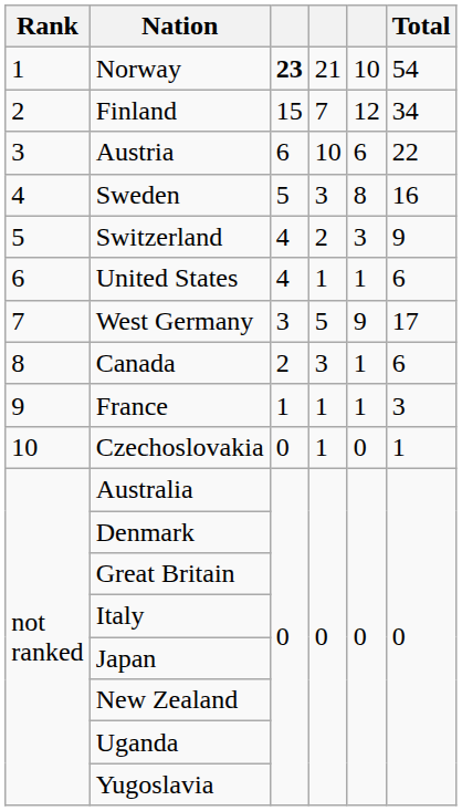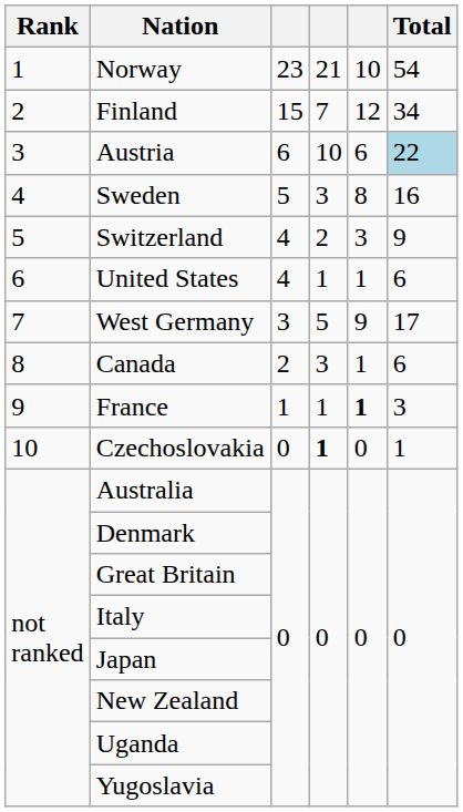 <table class="wikitable">
 <tr>
 <th>Rank</th>
 <th>Nation</th>
 <th></th>
 <th></th>
 <th></th>
 <th>Total</th>
 </tr>
 <tr>
 <td>1</td>
 <td>Norway</td>
-<td><strong>23</strong></td>
+<td>23</td>
 <td>21</td>
 <td>10</td>
 <td>54</td>
 </tr>
 <tr>
 <td>2</td>
 <td>Finland</td>
 <td>15</td>
 <td>7</td>
 <td>12</td>
 <td>34</td>
 </tr>
 <tr>
 <td>3</td>
 <td>Austria</td>
 <td>6</td>
 <td>10</td>
 <td>6</td>
-<td>22</td>
+<td style="background: lightblue;">22</td>
 </tr>
 <tr>
 <td>4</td>
 <td>Sweden</td>
 <td>5</td>
 <td>3</td>
 <td>8</td>
 <td>16</td>
 </tr>
 <tr>
 <td>5</td>
 <td>Switzerland</td>
 <td>4</td>
 <td>2</td>
 <td>3</td>
 <td>9</td>
 </tr>
 <tr>
 <td>6</td>
 <td>United States</td>
 <td>4</td>
 <td>1</td>
 <td>1</td>
 <td>6</td>
 </tr>
 <tr>
 <td>7</td>
 <td>West Germany</td>
 <td>3</td>
 <td>5</td>
 <td>9</td>
 <td>17</td>
 </tr>
 <tr>
 <td>8</td>
 <td>Canada</td>
 <td>2</td>
 <td>3</td>
 <td>1</td>
 <td>6</td>
 </tr>
 <tr>
 <td>9</td>
 <td>France</td>
 <td>1</td>
 <td>1</td>
-<td>1</td>
+<td><strong>1</strong></td>
 <td>3</td>
 </tr>
 <tr>
 <td>10</td>
 <td>Czechoslovakia</td>
 <td>0</td>
-<td>1</td>
+<td><strong>1</strong></td>
 <td>0</td>
 <td>1</td>
 </tr>
 <tr>
 <td rowspan="8">not<br>ranked</td>
 <td>Australia</td>
 <td rowspan="8">0</td>
 <td rowspan="8">0</td>
 <td rowspan="8">0</td>
 <td rowspan="8">0</td>
 </tr>
 <tr>
 <td>Denmark</td>
 </tr>
 <tr>
 <td>Great Britain</td>
 </tr>
 <tr>
 <td>Italy</td>
 </tr>
 <tr>
 <td>Japan</td>
 </tr>
 <tr>
 <td>New Zealand</td>
 </tr>
 <tr>
 <td>Uganda</td>
 </tr>
 <tr>
 <td>Yugoslavia</td>
 </tr>
 </table>
